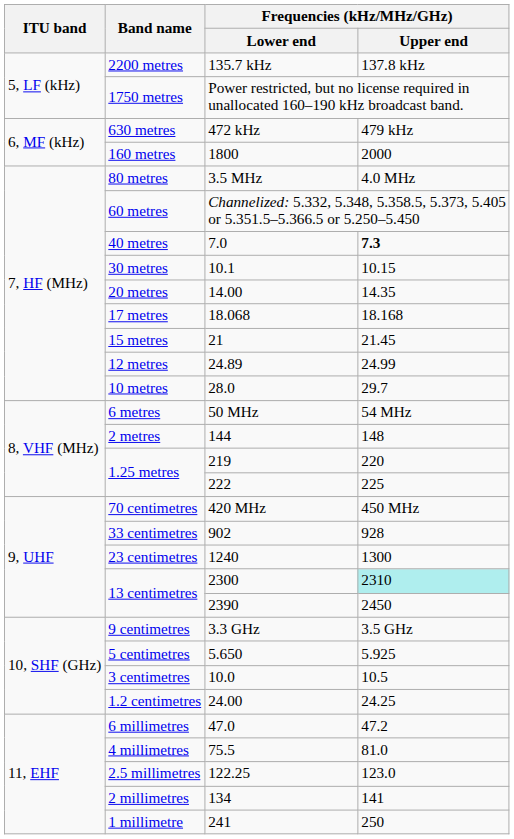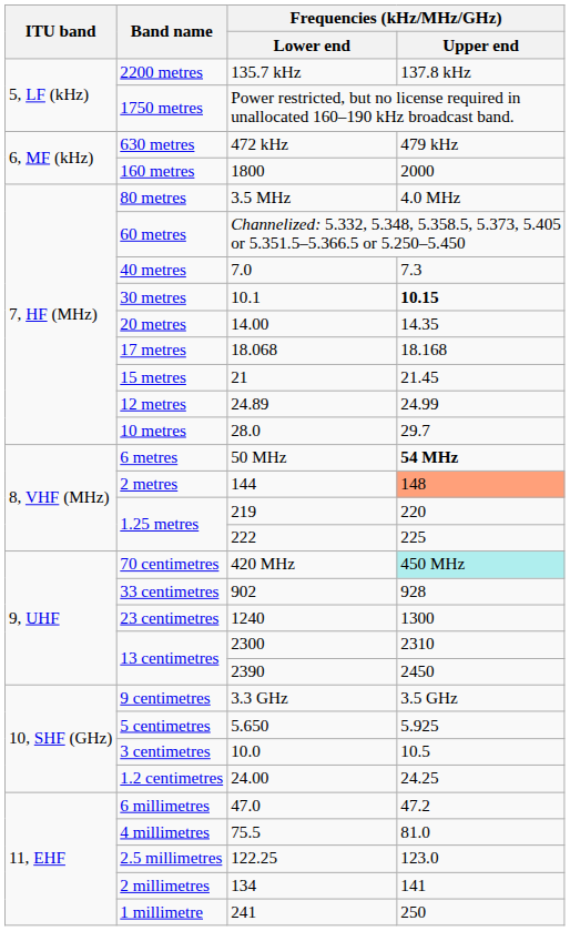 <table class="wikitable">
 <tr>
 <th rowspan=2>ITU band</th>
 <th rowspan=2>Band name</th>
 <th colspan=2>Frequencies (kHz/MHz/GHz)</th>
 </tr>
 <tr>
 <th>Lower end</th>
 <th>Upper end</th>
 </tr>
 <tr>
 <td rowspan=2>5, <a href='#'>LF</a> (kHz)</td>
 <td><a href='#'>2200 metres</a></td>
 <td>135.7 kHz</td>
 <td>137.8 kHz</td>
 </tr>
 <tr>
 <td><a href='#'>1750 metres</a></td>
 <td colspan=2>Power restricted, but no license required in <br>unallocated 160–190 kHz broadcast band.</td>
 </tr>
 <tr>
 <td rowspan=2>6, <a href='#'>MF</a> (kHz)</td>
 <td><a href='#'>630 metres</a></td>
 <td>472 kHz</td>
 <td>479 kHz</td>
 </tr>
 <tr>
 <td><a href='#'>160 metres</a></td>
 <td>1800</td>
 <td>2000</td>
 </tr>
 <tr>
 <td rowspan=9>7, <a href='#'>HF</a> (MHz)</td>
 <td><a href='#'>80 metres</a></td>
 <td>3.5 MHz</td>
 <td>4.0 MHz</td>
 </tr>
 <tr>
 <td><a href='#'>60 metres</a></td>
 <td colspan=2><em>Channelized:</em> 5.332, 5.348, 5.358.5, 5.373, 5.405<br> or 5.351.5–5.366.5 or 5.250–5.450</td>
 </tr>
 <tr>
 <td><a href='#'>40 metres</a></td>
 <td>7.0</td>
-<td><strong>7.3</strong></td>
+<td>7.3</td>
 </tr>
 <tr>
 <td><a href='#'>30 metres</a></td>
 <td>10.1</td>
-<td>10.15</td>
+<td><strong>10.15</strong></td>
 </tr>
 <tr>
 <td><a href='#'>20 metres</a></td>
 <td>14.00</td>
 <td>14.35</td>
 </tr>
 <tr>
 <td><a href='#'>17 metres</a></td>
 <td>18.068</td>
 <td>18.168</td>
 </tr>
 <tr>
 <td><a href='#'>15 metres</a></td>
 <td>21</td>
 <td>21.45</td>
 </tr>
 <tr>
 <td><a href='#'>12 metres</a></td>
 <td>24.89</td>
 <td>24.99</td>
 </tr>
 <tr>
 <td><a href='#'>10 metres</a></td>
 <td>28.0</td>
 <td>29.7</td>
 </tr>
 <tr>
 <td rowspan=4>8, <a href='#'>VHF</a> (MHz)</td>
 <td><a href='#'>6 metres</a></td>
 <td>50 MHz</td>
-<td>54 MHz</td>
+<td><strong>54 MHz</strong></td>
 </tr>
 <tr>
 <td><a href='#'>2 metres</a></td>
 <td>144</td>
-<td>148</td>
+<td style="background: lightsalmon;">148</td>
 </tr>
 <tr>
 <td rowspan=2><a href='#'>1.25 metres</a></td>
 <td>219</td>
 <td>220</td>
 </tr>
 <tr>
 <td>222</td>
 <td>225</td>
 </tr>
 <tr>
 <td rowspan=5>9, <a href='#'>UHF</a></td>
 <td><a href='#'>70 centimetres</a></td>
 <td>420 MHz</td>
-<td>450 MHz</td>
+<td style="background: paleturquoise;">450 MHz</td>
 </tr>
 <tr>
 <td><a href='#'>33 centimetres</a></td>
 <td>902</td>
 <td>928</td>
 </tr>
 <tr>
 <td><a href='#'>23 centimetres</a></td>
 <td>1240</td>
 <td>1300</td>
 </tr>
 <tr>
 <td rowspan=2><a href='#'>13 centimetres</a></td>
 <td>2300</td>
-<td style="background: paleturquoise;">2310</td>
+<td>2310</td>
 </tr>
 <tr>
 <td>2390</td>
 <td>2450</td>
 </tr>
 <tr>
 <td rowspan=4>10, <a href='#'>SHF</a> (GHz)</td>
 <td><a href='#'>9 centimetres</a></td>
 <td>3.3 GHz</td>
 <td>3.5 GHz</td>
 </tr>
 <tr>
 <td><a href='#'>5 centimetres</a></td>
 <td>5.650</td>
 <td>5.925</td>
 </tr>
 <tr>
 <td><a href='#'>3 centimetres</a></td>
 <td>10.0</td>
 <td>10.5</td>
 </tr>
 <tr>
 <td><a href='#'>1.2 centimetres</a></td>
 <td>24.00</td>
 <td>24.25</td>
 </tr>
 <tr>
 <td rowspan=5>11, <a href='#'>EHF</a></td>
 <td><a href='#'>6 millimetres</a></td>
 <td>47.0</td>
 <td>47.2</td>
 </tr>
 <tr>
 <td><a href='#'>4 millimetres</a></td>
 <td>75.5</td>
 <td>81.0</td>
 </tr>
 <tr>
 <td><a href='#'>2.5 millimetres</a></td>
 <td>122.25</td>
 <td>123.0</td>
 </tr>
 <tr>
 <td><a href='#'>2 millimetres</a></td>
 <td>134</td>
 <td>141</td>
 </tr>
 <tr>
 <td><a href='#'>1 millimetre</a></td>
 <td>241</td>
 <td>250</td>
 </tr>
 </table>
